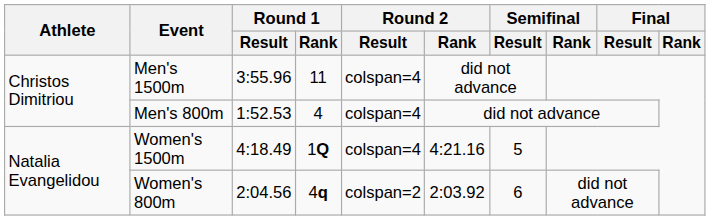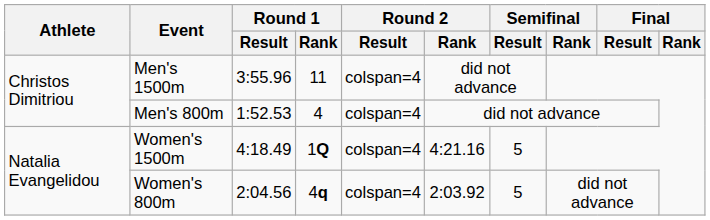 <table class="wikitable" style="font-size:90%">
 <tr>
 <th rowspan="2">Athlete</th>
 <th rowspan="2">Event</th>
 <th colspan="2">Round 1</th>
 <th colspan="2">Round 2</th>
 <th colspan="2">Semifinal</th>
 <th colspan="2">Final</th>
 </tr>
 <tr style="font-size:95%">
 <th>Result</th>
 <th>Rank</th>
 <th>Result</th>
 <th>Rank</th>
 <th>Result</th>
 <th>Rank</th>
 <th>Result</th>
 <th>Rank</th>
 </tr>
 <tr align=center>
 <td align=left rowspan=2>Christos Dimitriou</td>
 <td align=left>Men's 1500m</td>
 <td>3:55.96</td>
 <td>11</td>
 <td>colspan=4 </td>
 <td colspan=2>did not advance</td>
 </tr>
 <tr align=center>
 <td align=left>Men's 800m</td>
 <td>1:52.53</td>
 <td>4</td>
 <td>colspan=4 </td>
 <td colspan=4>did not advance</td>
 </tr>
 <tr align=center>
 <td align=left rowspan=2>Natalia Evangelidou</td>
 <td align=left>Women's 1500m</td>
 <td>4:18.49</td>
 <td>1<strong>Q</strong></td>
 <td>colspan=4 </td>
 <td>4:21.16</td>
 <td>5</td>
 </tr>
 <tr align=center>
 <td align=left>Women's 800m</td>
 <td>2:04.56</td>
 <td>4<strong>q</strong></td>
-<td>colspan=2 </td>
+<td>colspan=4 </td>
 <td>2:03.92</td>
-<td>6</td>
+<td>5</td>
 <td colspan=2>did not advance</td>
 </tr>
 </table>
